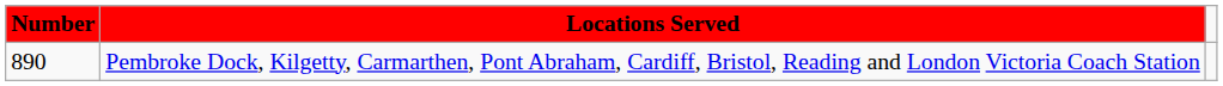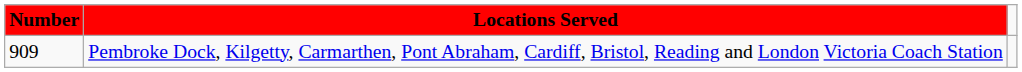 <table class="wikitable">
 <tr>
 <th style="background:red;"><span> Number</span></th>
 <th style="background:red;"><span> Locations Served</span></th>
 </tr>
 <tr>
-<td>890</td>
+<td>909</td>
 <td><a href='#'>Pembroke Dock</a>, <a href='#'>Kilgetty</a>, <a href='#'>Carmarthen</a>, <a href='#'>Pont Abraham</a>, <a href='#'>Cardiff</a>, <a href='#'>Bristol</a>, <a href='#'>Reading</a> and <a href='#'>London</a> <a href='#'>Victoria Coach Station</a></td>
 <td></td>
 </tr>
 </table>
